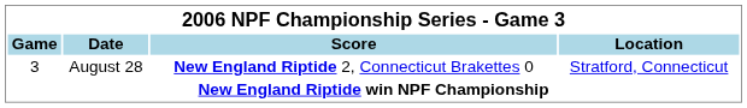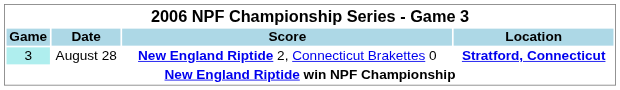 <table cellpadding="1"  style="min-width:45em;text-align:center;font-size:100%; border:1px solid gray;">
 <tr style="font-size:larger;">
 <th colspan=8>2006 NPF Championship Series - Game 3</th>
 </tr>
 <tr style="background:lightblue;">
 <th>Game</th>
 <th>Date</th>
 <th>Score</th>
 <th>Location</th>
 </tr>
 <tr>
-<td>3</td>
+<td style="background: paleturquoise;">3</td>
 <td>August 28</td>
 <td><strong><a href='#'>New England Riptide</a></strong> 2, <a href='#'>Connecticut Brakettes</a> 0</td>
-<td><a href='#'>Stratford, Connecticut</a></td>
+<td><strong><a href='#'>Stratford, Connecticut</a></strong></td>
 </tr>
 <tr>
 <th colspan=8><a href='#'>New England Riptide</a> win NPF Championship</th>
 </tr>
 </table>
